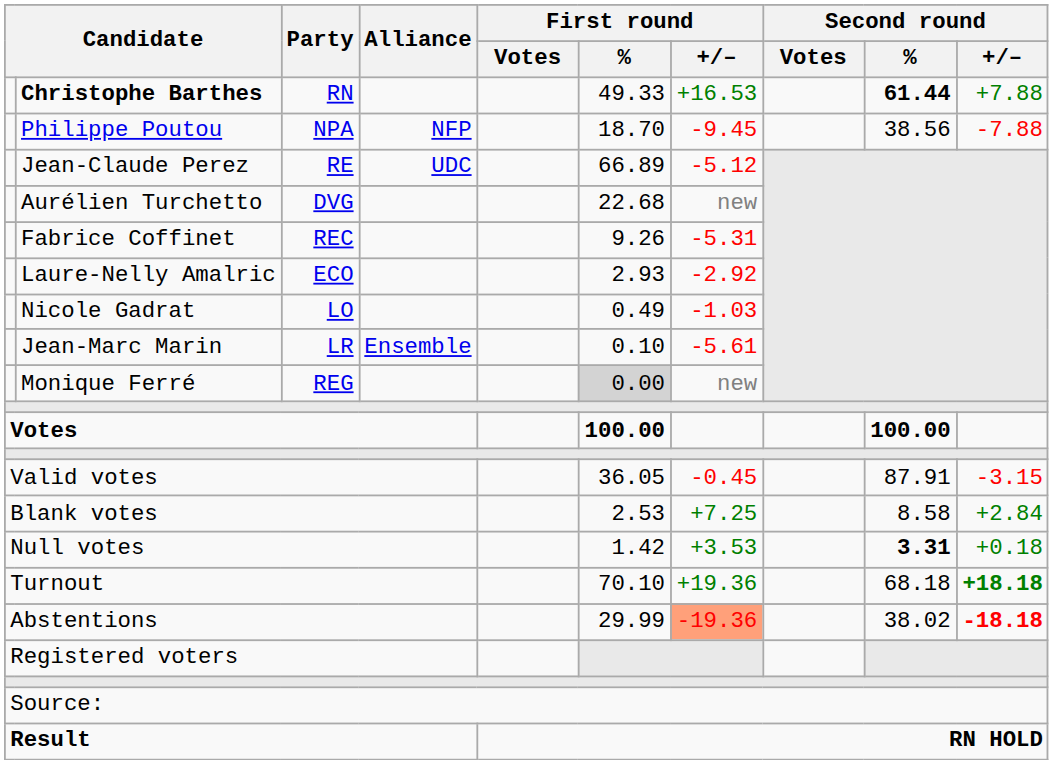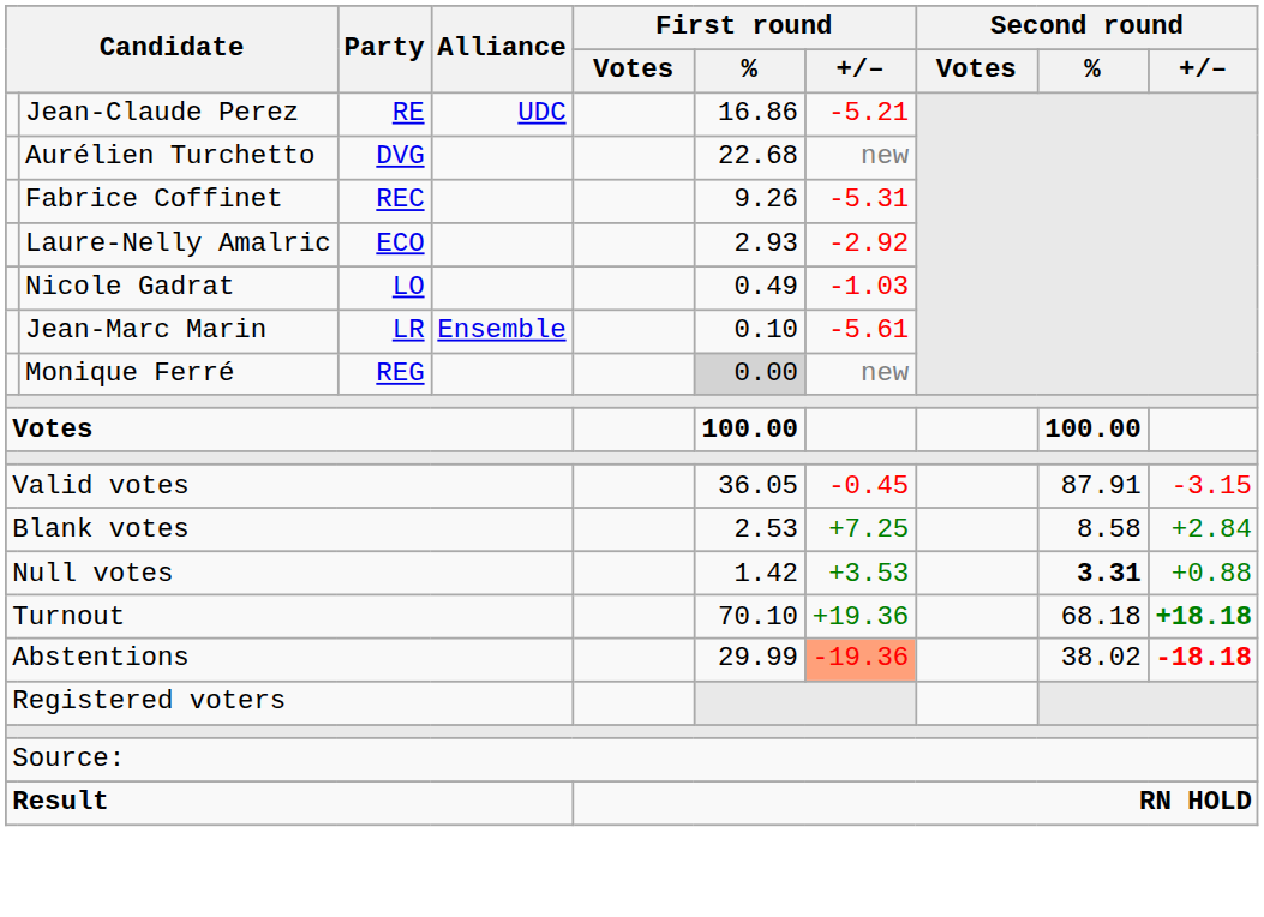 <table class="wikitable" style="text-align:right;font-size:95%;">
 <tr>
 <th rowspan="2" colspan="2">Candidate</th>
 <th colspan="1" rowspan="2">Party</th>
 <th colspan="1" rowspan="2">Alliance</th>
 <th colspan="3">First round</th>
 <th colspan="3">Second round</th>
 </tr>
 <tr>
 <th style="width:50px;">Votes</th>
 <th style="width:45px;">%</th>
 <th style="width:45px;">+/–</th>
 <th style="width:50px;">Votes</th>
 <th style="width:45px;">%</th>
 <th style="width:45px;">+/–</th>
 </tr>
 <tr>
 <td style="color:inherit;background:"></td>
-<td style="text-align:left;"><strong>Christophe Barthes</strong></td>
-<td><a href='#'>RN</a></td>
-<td></td>
-<td></td>
-<td>49.33</td>
-<td style="color:green;">+16.53</td>
-<td><strong></strong></td>
-<td><strong>61.44</strong></td>
-<td style="color:green;">+7.88</td>
-</tr>
-<tr>
-<td style="color:inherit;background:"></td>
-<td style="text-align:left;"><a href='#'>Philippe Poutou</a></td>
-<td><a href='#'>NPA</a></td>
-<td><a href='#'>NFP</a></td>
-<td></td>
-<td>18.70</td>
-<td style="color:red;">-9.45</td>
-<td></td>
-<td>38.56</td>
-<td style="color:red;">-7.88</td>
-</tr>
-<tr>
-<td style="color:inherit;background:"></td>
 <td style="text-align:left;">Jean-Claude Perez</td>
 <td><a href='#'>RE</a></td>
 <td><a href='#'>UDC</a></td>
 <td></td>
-<td>66.89</td>
-<td style="color:red;">-5.12</td>
+<td>16.86</td>
+<td style="color:red;">-5.21</td>
 <td colspan="3" rowspan="7" style="background:#E9E9E9;"></td>
 </tr>
 <tr>
 <td style="color:inherit;background:"></td>
 <td style="text-align:left;">Aurélien Turchetto</td>
 <td><a href='#'>DVG</a></td>
 <td></td>
 <td></td>
 <td>22.68</td>
 <td style="color:grey;">new</td>
 </tr>
 <tr>
 <td style="color:inherit;background:"></td>
 <td style="text-align:left;">Fabrice Coffinet</td>
 <td><a href='#'>REC</a></td>
 <td></td>
 <td></td>
 <td>9.26</td>
 <td style="color:red;">-5.31</td>
 </tr>
 <tr>
 <td style="color:inherit;background:"></td>
 <td style="text-align:left;">Laure-Nelly Amalric</td>
 <td><a href='#'>ECO</a></td>
 <td></td>
 <td></td>
 <td>2.93</td>
 <td style="color:red;">-2.92</td>
 </tr>
 <tr>
 <td style="color:inherit;background:"></td>
 <td style="text-align:left;">Nicole Gadrat</td>
 <td><a href='#'>LO</a></td>
 <td></td>
 <td></td>
 <td>0.49</td>
 <td style="color:red;">-1.03</td>
 </tr>
 <tr>
 <td style="background:"></td>
 <td style="text-align:left;">Jean-Marc Marin</td>
 <td><a href='#'>LR</a></td>
 <td><a href='#'>Ensemble</a></td>
 <td></td>
 <td>0.10</td>
 <td style="color:red;">-5.61</td>
 </tr>
 <tr>
 <td style="color:inherit;background:"></td>
 <td style="text-align:left;">Monique Ferré</td>
 <td><a href='#'>REG</a></td>
 <td></td>
 <td></td>
 <td style="background: lightgrey;">0.00</td>
 <td style="color:grey;">new</td>
 </tr>
 <tr>
 <td colspan="10" style="background:#E9E9E9;"></td>
 </tr>
 <tr style="font-weight:bold;">
 <td colspan="4" style="text-align:left;">Votes</td>
 <td></td>
 <td>100.00</td>
 <td></td>
 <td></td>
 <td>100.00</td>
 <td></td>
 </tr>
 <tr>
 <td colspan="10" style="background:#E9E9E9;"></td>
 </tr>
 <tr>
 <td colspan="4" style="text-align:left;">Valid votes</td>
 <td></td>
 <td>36.05</td>
 <td style="color:red;">-0.45</td>
 <td></td>
 <td>87.91</td>
 <td style="color:red;">-3.15</td>
 </tr>
 <tr>
 <td colspan="4" style="text-align:left;">Blank votes</td>
 <td></td>
 <td>2.53</td>
 <td style="color:green;">+7.25</td>
 <td></td>
 <td>8.58</td>
 <td style="color:green;">+2.84</td>
 </tr>
 <tr>
 <td colspan="4" style="text-align:left;">Null votes</td>
 <td></td>
 <td>1.42</td>
 <td style="color:green;">+3.53</td>
 <td></td>
 <td><strong>3.31</strong></td>
-<td style="color:green;">+0.18</td>
+<td style="color:green;">+0.88</td>
 </tr>
 <tr>
 <td colspan="4" style="text-align:left;">Turnout</td>
 <td></td>
 <td>70.10</td>
 <td style="color:green;">+19.36</td>
 <td></td>
 <td>68.18</td>
 <td style="color:green;"><strong>+18.18</strong></td>
 </tr>
 <tr>
 <td colspan="4" style="text-align:left;">Abstentions</td>
 <td></td>
 <td>29.99</td>
 <td style="background: lightsalmon; color:red;">-19.36</td>
 <td></td>
 <td>38.02</td>
 <td style="color:red;"><strong>-18.18</strong></td>
 </tr>
 <tr>
 <td colspan="4" style="text-align:left;">Registered voters</td>
 <td></td>
 <td colspan="2" style="background:#E9E9E9;"></td>
 <td></td>
 <td colspan="2" style="background:#E9E9E9;"></td>
 </tr>
 <tr>
 <td colspan="10" style="background:#E9E9E9;"></td>
 </tr>
 <tr>
 <td colspan="10" style="text-align:left;">Source: </td>
 </tr>
 <tr style="font-weight:bold">
 <td colspan="4" style="text-align:left;">Result</td>
 <td colspan="6" style="background-color:">RN HOLD</td>
 </tr>
 </table>
